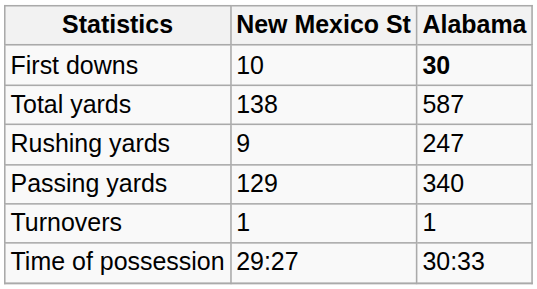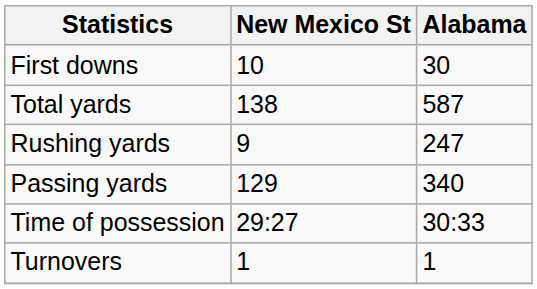 <table class="wikitable" style="float: left;">
 <tr>
 <th>Statistics</th>
 <th>New Mexico St</th>
 <th>Alabama</th>
 </tr>
 <tr>
 <td>First downs</td>
 <td>10</td>
-<td><strong>30</strong></td>
+<td>30</td>
 </tr>
 <tr>
 <td>Total yards</td>
 <td>138</td>
 <td>587</td>
 </tr>
 <tr>
 <td>Rushing yards</td>
 <td>9</td>
 <td>247</td>
 </tr>
 <tr>
 <td>Passing yards</td>
 <td>129</td>
 <td>340</td>
 </tr>
 <tr>
+<td>Time of possession</td>
+<td>29:27</td>
+<td>30:33</td>
+</tr>
+<tr>
 <td>Turnovers</td>
 <td>1</td>
 <td>1</td>
 </tr>
 <tr>
-<td>Time of possession</td>
-<td>29:27</td>
-<td>30:33</td>
-</tr>
-<tr>
 </tr>
 </table>
